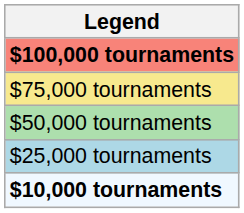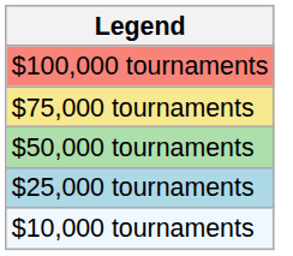 <table class="wikitable" style="font-size:85%">
 <tr>
 <th>Legend</th>
 </tr>
 <tr bgcolor="#F88379">
-<td><strong>$100,000 tournaments</strong></td>
+<td>$100,000 tournaments</td>
 </tr>
 <tr bgcolor="#F7E98E">
 <td>$75,000 tournaments</td>
 </tr>
 <tr bgcolor="#ADDFAD">
 <td>$50,000 tournaments</td>
 </tr>
 <tr bgcolor="lightblue">
 <td>$25,000 tournaments</td>
 </tr>
 <tr bgcolor="#f0f8ff">
-<td><strong>$10,000 tournaments</strong></td>
+<td>$10,000 tournaments</td>
 </tr>
 </table>
